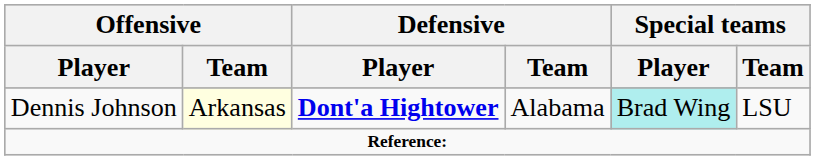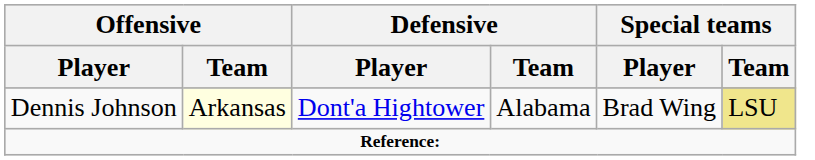 <table class="wikitable" border="1">
 <tr>
 <th colspan="2">Offensive</th>
 <th colspan="2">Defensive</th>
 <th colspan="2">Special teams</th>
 </tr>
 <tr>
 <th>Player</th>
 <th>Team</th>
 <th>Player</th>
 <th>Team</th>
 <th>Player</th>
 <th>Team</th>
 </tr>
 <tr>
 <td>Dennis Johnson</td>
 <td style="background: lightyellow;">Arkansas</td>
-<td><strong><a href='#'>Dont'a Hightower</a></strong></td>
+<td><a href='#'>Dont'a Hightower</a></td>
 <td>Alabama</td>
-<td style="background: paleturquoise;">Brad Wing</td>
-<td>LSU</td>
+<td>Brad Wing</td>
+<td style="background: khaki;">LSU</td>
 </tr>
 <tr>
 <td colspan="6" style="font-size: 8pt" align="center"><strong>Reference:</strong></td>
 </tr>
 </table>
